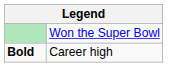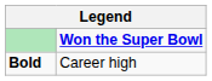 <table class="wikitable mw-collapsible mw-collapsed">
 <tr>
 <th colspan="3">Legend</th>
 </tr>
 <tr>
 <td style="background:#afe6ba; width:3em;"></td>
-<td><a href='#'>Won the Super Bowl</a></td>
+<td><strong><a href='#'>Won the Super Bowl</a></strong></td>
 </tr>
 <tr>
 <td><strong>Bold</strong></td>
 <td>Career high</td>
 </tr>
 </table>
